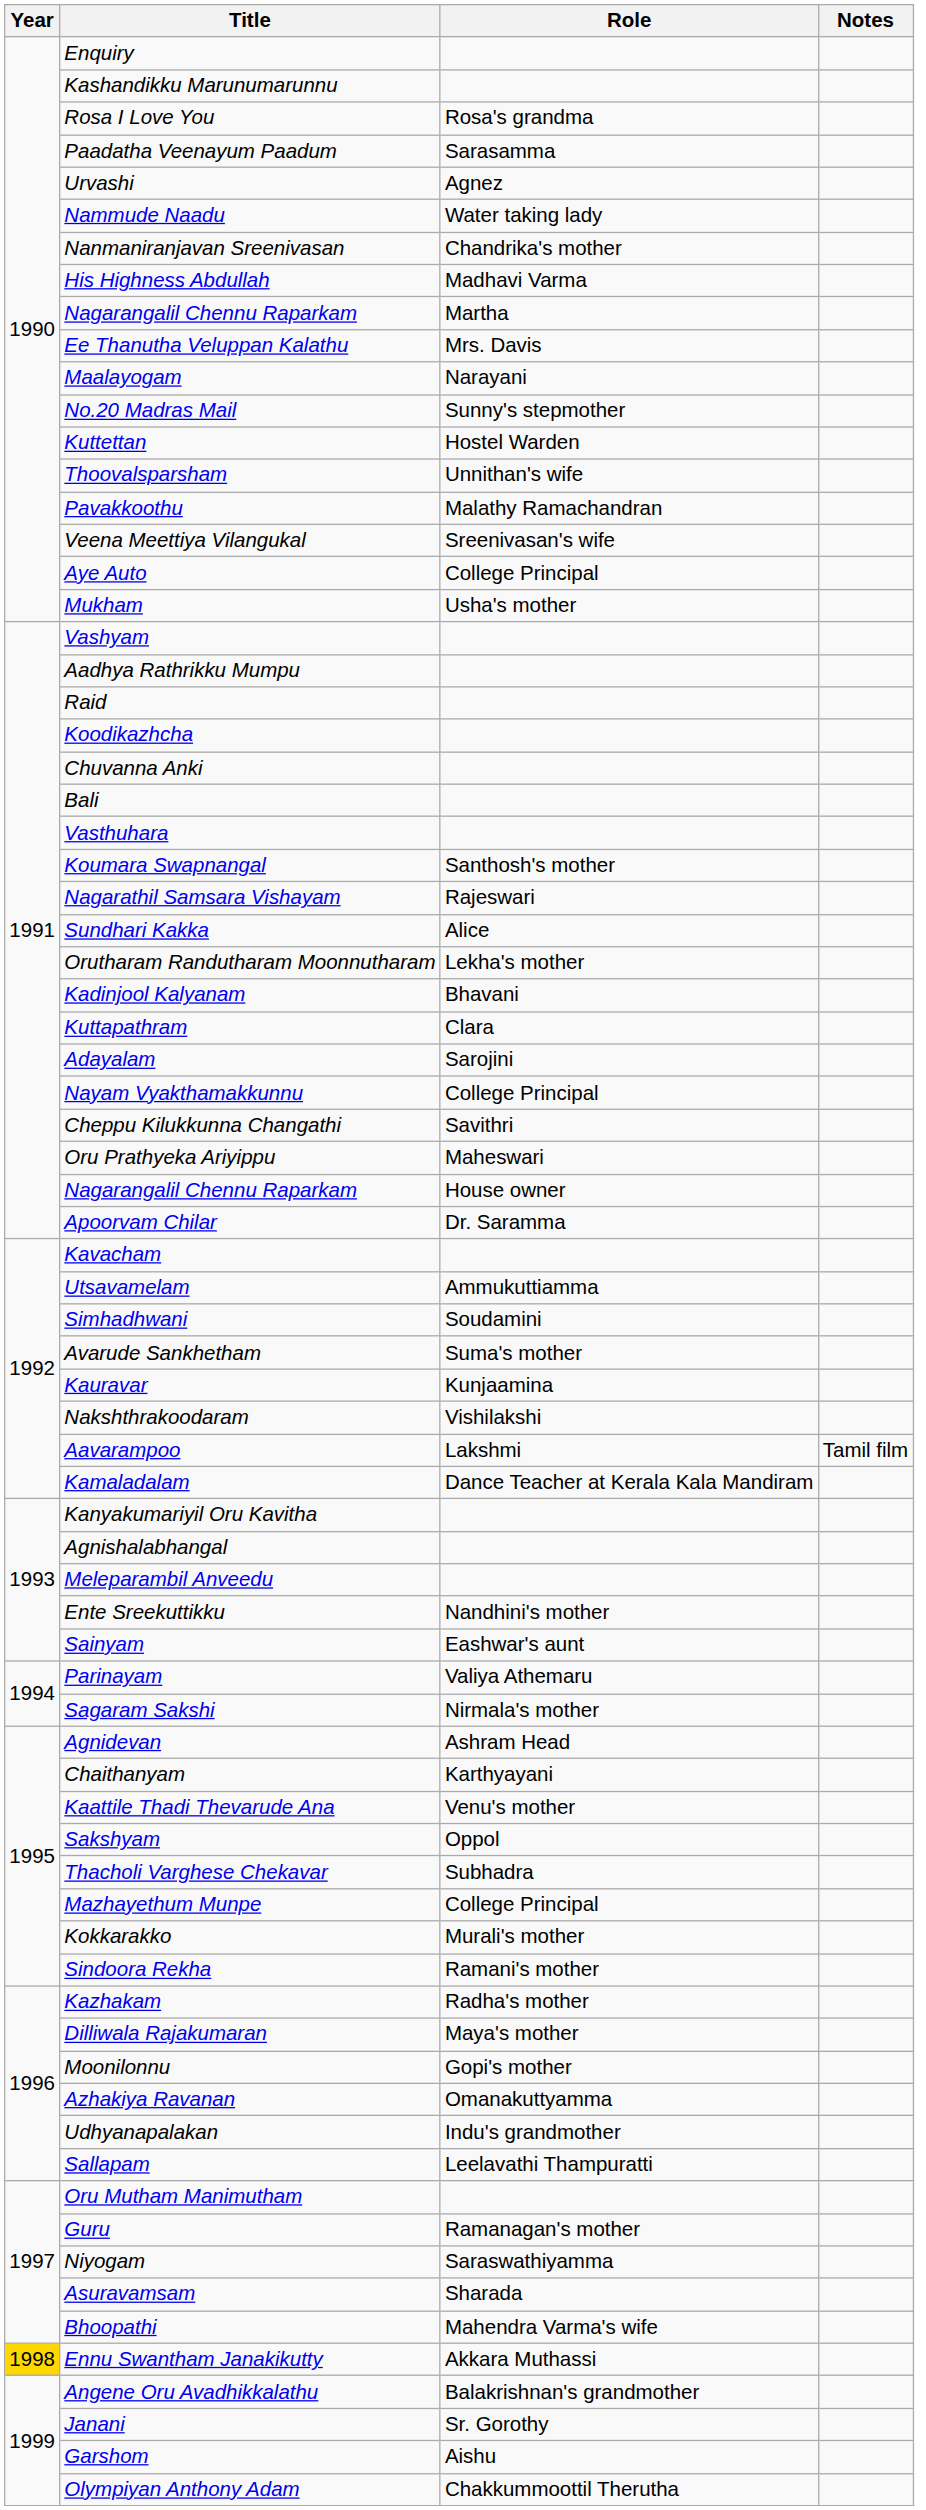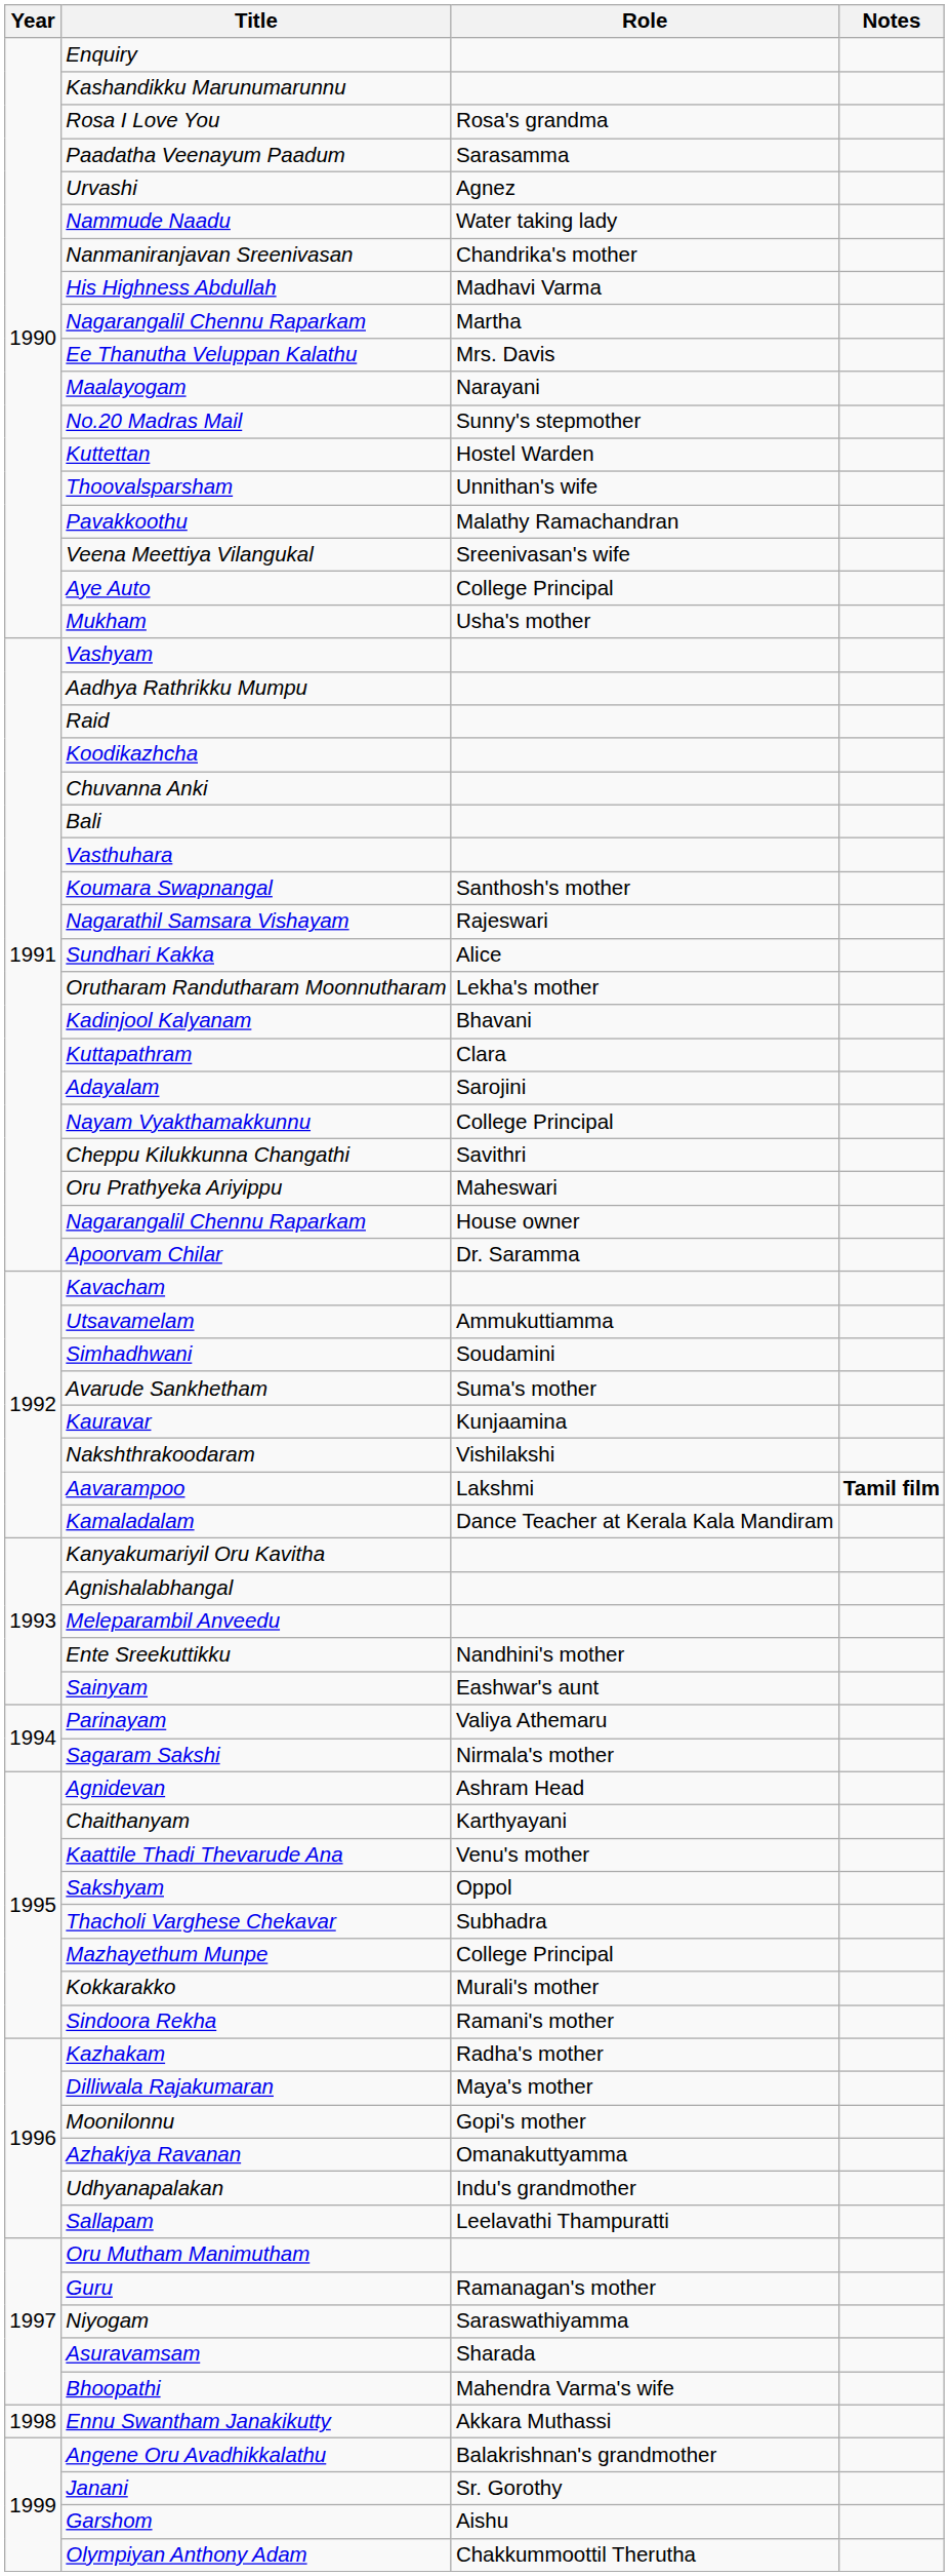 <table class="wikitable sortable">
 <tr>
 <th>Year</th>
 <th>Title</th>
 <th>Role</th>
 <th class="unsortable">Notes</th>
 </tr>
 <tr>
 <td rowspan=18>1990</td>
 <td><em>Enquiry</em></td>
 <td></td>
 <td></td>
 </tr>
 <tr>
 <td><em>Kashandikku Marunumarunnu</em></td>
 <td></td>
 <td></td>
 </tr>
 <tr>
 <td><em>Rosa I Love You</em></td>
 <td>Rosa's grandma</td>
 <td></td>
 </tr>
 <tr>
 <td><em>Paadatha Veenayum Paadum</em></td>
 <td>Sarasamma</td>
 <td></td>
 </tr>
 <tr>
 <td><em>Urvashi</em></td>
 <td>Agnez</td>
 <td></td>
 </tr>
 <tr>
 <td><em><a href='#'>Nammude Naadu</a></em></td>
 <td>Water taking lady</td>
 <td></td>
 </tr>
 <tr>
 <td><em>Nanmaniranjavan Sreenivasan</em></td>
 <td>Chandrika's mother</td>
 <td></td>
 </tr>
 <tr>
 <td><em><a href='#'>His Highness Abdullah</a></em></td>
 <td>Madhavi Varma</td>
 <td></td>
 </tr>
 <tr>
 <td><em><a href='#'>Nagarangalil Chennu Raparkam</a></em></td>
 <td>Martha</td>
 <td></td>
 </tr>
 <tr>
 <td><em><a href='#'>Ee Thanutha Veluppan Kalathu</a></em></td>
 <td>Mrs. Davis</td>
 <td></td>
 </tr>
 <tr>
 <td><em><a href='#'>Maalayogam</a></em></td>
 <td>Narayani</td>
 <td></td>
 </tr>
 <tr>
 <td><em><a href='#'>No.20 Madras Mail</a></em></td>
 <td>Sunny's stepmother</td>
 <td></td>
 </tr>
 <tr>
 <td><em><a href='#'>Kuttettan</a></em></td>
 <td>Hostel Warden</td>
 <td></td>
 </tr>
 <tr>
 <td><em><a href='#'>Thoovalsparsham</a></em></td>
 <td>Unnithan's wife</td>
 <td></td>
 </tr>
 <tr>
 <td><em><a href='#'>Pavakkoothu</a></em></td>
 <td>Malathy Ramachandran</td>
 <td></td>
 </tr>
 <tr>
 <td><em>Veena Meettiya Vilangukal</em></td>
 <td>Sreenivasan's wife</td>
 <td></td>
 </tr>
 <tr>
 <td><em><a href='#'>Aye Auto</a></em></td>
 <td>College Principal</td>
 <td></td>
 </tr>
 <tr>
 <td><em><a href='#'>Mukham</a></em></td>
 <td>Usha's mother</td>
 <td></td>
 </tr>
 <tr>
 <td rowspan=19>1991</td>
 <td><em><a href='#'>Vashyam</a></em></td>
 <td></td>
 <td></td>
 </tr>
 <tr>
 <td><em>Aadhya Rathrikku Mumpu</em></td>
 <td></td>
 <td></td>
 </tr>
 <tr>
 <td><em>Raid</em></td>
 <td></td>
 <td></td>
 </tr>
 <tr>
 <td><em><a href='#'>Koodikazhcha</a></em></td>
 <td></td>
 <td></td>
 </tr>
 <tr>
 <td><em>Chuvanna Anki</em></td>
 <td></td>
 <td></td>
 </tr>
 <tr>
 <td><em>Bali</em></td>
 <td></td>
 <td></td>
 </tr>
 <tr>
 <td><em><a href='#'>Vasthuhara</a></em></td>
 <td></td>
 <td></td>
 </tr>
 <tr>
 <td><em><a href='#'>Koumara Swapnangal</a></em></td>
 <td>Santhosh's mother</td>
 <td></td>
 </tr>
 <tr>
 <td><em><a href='#'>Nagarathil Samsara Vishayam</a></em></td>
 <td>Rajeswari</td>
 <td></td>
 </tr>
 <tr>
 <td><em><a href='#'>Sundhari Kakka</a></em></td>
 <td>Alice</td>
 <td></td>
 </tr>
 <tr>
 <td><em>Orutharam Randutharam Moonnutharam</em></td>
 <td>Lekha's mother</td>
 <td></td>
 </tr>
 <tr>
 <td><em><a href='#'>Kadinjool Kalyanam</a></em></td>
 <td>Bhavani</td>
 <td></td>
 </tr>
 <tr>
 <td><em><a href='#'>Kuttapathram</a></em></td>
 <td>Clara</td>
 <td></td>
 </tr>
 <tr>
 <td><em><a href='#'>Adayalam</a></em></td>
 <td>Sarojini</td>
 <td></td>
 </tr>
 <tr>
 <td><em><a href='#'>Nayam Vyakthamakkunnu</a></em></td>
 <td>College Principal</td>
 <td></td>
 </tr>
 <tr>
 <td><em>Cheppu Kilukkunna Changathi</em></td>
 <td>Savithri</td>
 <td></td>
 </tr>
 <tr>
 <td><em>Oru Prathyeka Ariyippu</em></td>
 <td>Maheswari</td>
 <td></td>
 </tr>
 <tr>
 <td><em><a href='#'>Nagarangalil Chennu Raparkam</a></em></td>
 <td>House owner</td>
 <td></td>
 </tr>
 <tr>
 <td><em><a href='#'>Apoorvam Chilar</a></em></td>
 <td>Dr. Saramma</td>
 <td></td>
 </tr>
 <tr>
 <td rowspan=8>1992</td>
 <td><em><a href='#'>Kavacham</a></em></td>
 <td></td>
 <td></td>
 </tr>
 <tr>
 <td><em><a href='#'>Utsavamelam</a></em></td>
 <td>Ammukuttiamma</td>
 <td></td>
 </tr>
 <tr>
 <td><em><a href='#'>Simhadhwani</a></em></td>
 <td>Soudamini</td>
 <td></td>
 </tr>
 <tr>
 <td><em>Avarude Sankhetham</em></td>
 <td>Suma's mother</td>
 <td></td>
 </tr>
 <tr>
 <td><em><a href='#'>Kauravar</a></em></td>
 <td>Kunjaamina</td>
 <td></td>
 </tr>
 <tr>
 <td><em>Nakshthrakoodaram</em></td>
 <td>Vishilakshi</td>
 <td></td>
 </tr>
 <tr>
 <td><em><a href='#'>Aavarampoo</a></em></td>
 <td>Lakshmi</td>
-<td>Tamil film</td>
+<td><strong>Tamil film</strong></td>
 </tr>
 <tr>
 <td><em><a href='#'>Kamaladalam</a></em></td>
 <td>Dance Teacher at Kerala Kala Mandiram</td>
 <td></td>
 </tr>
 <tr>
 <td rowspan=5>1993</td>
 <td><em>Kanyakumariyil Oru Kavitha</em></td>
 <td></td>
 <td></td>
 </tr>
 <tr>
 <td><em>Agnishalabhangal</em></td>
 <td></td>
 <td></td>
 </tr>
 <tr>
 <td><em><a href='#'>Meleparambil Anveedu</a></em></td>
 <td></td>
 <td></td>
 </tr>
 <tr>
 <td><em>Ente Sreekuttikku</em></td>
 <td>Nandhini's mother</td>
 <td></td>
 </tr>
 <tr>
 <td><em><a href='#'>Sainyam</a></em></td>
 <td>Eashwar's aunt</td>
 <td></td>
 </tr>
 <tr>
 <td rowspan=2>1994</td>
 <td><em><a href='#'>Parinayam</a></em></td>
 <td>Valiya Athemaru</td>
 <td></td>
 </tr>
 <tr>
 <td><em><a href='#'>Sagaram Sakshi</a></em></td>
 <td>Nirmala's mother</td>
 <td></td>
 </tr>
 <tr>
 <td rowspan=8>1995</td>
 <td><em><a href='#'>Agnidevan</a></em></td>
 <td>Ashram Head</td>
 <td></td>
 </tr>
 <tr>
 <td><em>Chaithanyam</em></td>
 <td>Karthyayani</td>
 <td></td>
 </tr>
 <tr>
 <td><em><a href='#'>Kaattile Thadi Thevarude Ana</a></em></td>
 <td>Venu's mother</td>
 <td></td>
 </tr>
 <tr>
 <td><em><a href='#'>Sakshyam</a></em></td>
 <td>Oppol</td>
 <td></td>
 </tr>
 <tr>
 <td><em><a href='#'>Thacholi Varghese Chekavar</a></em></td>
 <td>Subhadra</td>
 <td></td>
 </tr>
 <tr>
 <td><em><a href='#'>Mazhayethum Munpe</a></em></td>
 <td>College Principal</td>
 <td></td>
 </tr>
 <tr>
 <td><em>Kokkarakko</em></td>
 <td>Murali's mother</td>
 <td></td>
 </tr>
 <tr>
 <td><em><a href='#'>Sindoora Rekha</a></em></td>
 <td>Ramani's mother</td>
 <td></td>
 </tr>
 <tr>
 <td rowspan=6>1996</td>
 <td><em><a href='#'>Kazhakam</a></em></td>
 <td>Radha's mother</td>
 <td></td>
 </tr>
 <tr>
 <td><em><a href='#'>Dilliwala Rajakumaran</a></em></td>
 <td>Maya's mother</td>
 <td></td>
 </tr>
 <tr>
 <td><em>Moonilonnu</em></td>
 <td>Gopi's mother</td>
 <td></td>
 </tr>
 <tr>
 <td><em><a href='#'>Azhakiya Ravanan</a></em></td>
 <td>Omanakuttyamma</td>
 <td></td>
 </tr>
 <tr>
 <td><em>Udhyanapalakan</em></td>
 <td>Indu's grandmother</td>
 <td></td>
 </tr>
 <tr>
 <td><em><a href='#'>Sallapam</a></em></td>
 <td>Leelavathi Thampuratti</td>
 <td></td>
 </tr>
 <tr>
 <td rowspan=5>1997</td>
 <td><em><a href='#'>Oru Mutham Manimutham</a></em></td>
 <td></td>
 <td></td>
 </tr>
 <tr>
 <td><em><a href='#'>Guru</a></em></td>
 <td>Ramanagan's mother</td>
 <td></td>
 </tr>
 <tr>
 <td><em>Niyogam</em></td>
 <td>Saraswathiyamma</td>
 <td></td>
 </tr>
 <tr>
 <td><em><a href='#'>Asuravamsam</a></em></td>
 <td>Sharada</td>
 <td></td>
 </tr>
 <tr>
 <td><em><a href='#'>Bhoopathi</a></em></td>
 <td>Mahendra Varma's wife</td>
 <td></td>
 </tr>
 <tr>
-<td style="background: gold;">1998</td>
+<td>1998</td>
 <td><em><a href='#'>Ennu Swantham Janakikutty</a></em></td>
 <td>Akkara Muthassi</td>
 <td></td>
 </tr>
 <tr>
 <td rowspan=4>1999</td>
 <td><em><a href='#'>Angene Oru Avadhikkalathu</a></em></td>
 <td>Balakrishnan's grandmother</td>
 <td></td>
 </tr>
 <tr>
 <td><em><a href='#'>Janani</a></em></td>
 <td>Sr. Gorothy</td>
 <td></td>
 </tr>
 <tr>
 <td><em><a href='#'>Garshom</a></em></td>
 <td>Aishu</td>
 <td></td>
 </tr>
 <tr>
 <td><em><a href='#'>Olympiyan Anthony Adam</a></em></td>
 <td>Chakkummoottil Therutha</td>
 <td></td>
 </tr>
 <tr>
 </tr>
 </table>
